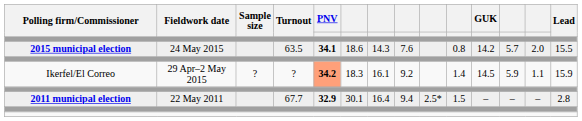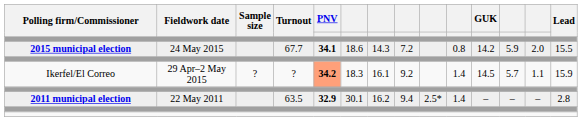 <table class="wikitable collapsible collapsed" style="text-align:center; font-size:95%; line-height:16px;">
 <tr style="height:42px;">
 <th style="width:250px;" rowspan="2">Polling firm/Commissioner</th>
 <th style="width:125px;" rowspan="2">Fieldwork date</th>
 <th style="width:50px;" rowspan="2">Sample size</th>
 <th style="width:45px;" rowspan="2">Turnout</th>
 <th style="width:35px;"><a href='#'>PNV</a></th>
 <th style="width:35px;"></th>
 <th style="width:35px;"></th>
 <th style="width:35px;"></th>
 <th style="width:35px;"></th>
 <th style="width:35px;"></th>
 <th style="width:35px;">GUK</th>
 <th style="width:35px;"></th>
 <th style="width:35px;"></th>
 <th style="width:30px;" rowspan="2">Lead</th>
 </tr>
 <tr>
 <th style="color:inherit;background:"></th>
 <th style="color:inherit;background:"></th>
 <th style="color:inherit;background:"></th>
 <th style="color:inherit;background:"></th>
 <th style="color:inherit;background:"></th>
 <th style="color:inherit;background:"></th>
 <th style="color:inherit;background:"></th>
 <th style="color:inherit;background:"></th>
 <th style="color:inherit;background:"></th>
 </tr>
 <tr>
 <td colspan="14" style="background:#A0A0A0"></td>
 </tr>
 <tr style="background:#EFEFEF;">
 <td><strong><a href='#'>2015 municipal election</a></strong></td>
 <td>24 May 2015</td>
 <td></td>
-<td>63.5</td>
+<td>67.7</td>
 <td><strong>34.1</strong><br></td>
 <td>18.6<br></td>
 <td>14.3<br></td>
-<td>7.6<br></td>
+<td>7.2<br></td>
 <td></td>
 <td>0.8<br></td>
 <td>14.2<br></td>
-<td>5.7<br></td>
+<td>5.9<br></td>
 <td>2.0<br></td>
 <td style="background:">15.5</td>
 </tr>
 <tr>
 <td colspan="14" style="background:#A0A0A0"></td>
 </tr>
 <tr>
 <td>Ikerfel/El Correo</td>
 <td>29 Apr–2 May 2015</td>
 <td>?</td>
 <td>?</td>
 <td style="background: lightsalmon;"><strong>34.2</strong><br></td>
 <td>18.3<br></td>
 <td>16.1<br></td>
 <td>9.2<br></td>
 <td></td>
 <td>1.4<br></td>
 <td>14.5<br></td>
-<td>5.9<br></td>
+<td>5.7<br></td>
 <td>1.1<br></td>
 <td style="background:">15.9</td>
 </tr>
 <tr>
 <td colspan="14" style="background:#A0A0A0"></td>
 </tr>
 <tr style="background:#EFEFEF;">
 <td><strong><a href='#'>2011 municipal election</a></strong></td>
 <td>22 May 2011</td>
 <td></td>
-<td>67.7</td>
+<td>63.5</td>
 <td><strong>32.9</strong><br></td>
 <td>30.1<br></td>
-<td>16.4<br></td>
+<td>16.2<br></td>
 <td>9.4<br></td>
 <td>2.5*<br></td>
-<td>1.5<br></td>
+<td>1.4<br></td>
 <td>–</td>
 <td>–</td>
 <td>–</td>
 <td style="background:">2.8</td>
 </tr>
 <tr>
 <td colspan="14" style="background:#A0A0A0"></td>
 </tr>
 <tr>
 <td align="left" colspan="14"></td>
 </tr>
 </table>
